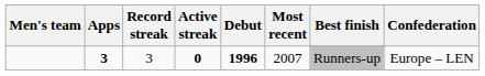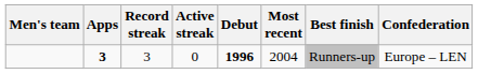 <table class="wikitable" style="text-align: center; font-size: 90%; margin-left: 1em;">
 <tr>
 <th>Men's team</th>
 <th>Apps</th>
 <th>Record<br>streak</th>
 <th>Active<br>streak</th>
 <th>Debut</th>
 <th>Most<br>recent</th>
 <th>Best finish</th>
 <th>Confederation</th>
 </tr>
 <tr>
 <td style="text-align: left;"></td>
 <td><strong>3</strong></td>
 <td>3</td>
-<td><strong>0</strong></td>
+<td>0</td>
 <td><strong>1996</strong></td>
-<td>2007</td>
+<td>2004</td>
 <td style="background-color: silver;">Runners-up</td>
 <td>Europe – LEN</td>
 </tr>
 </table>
